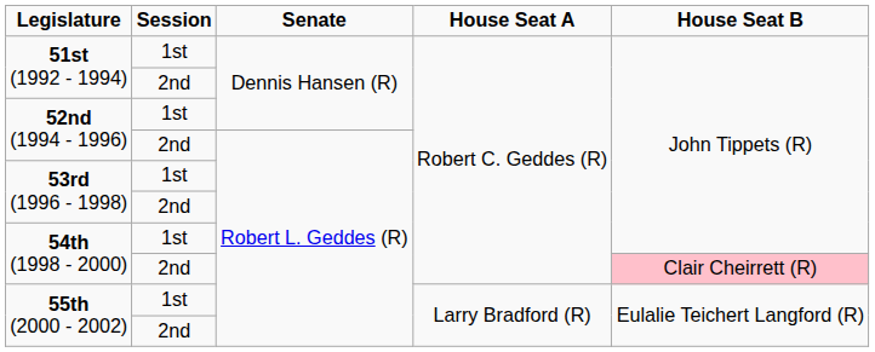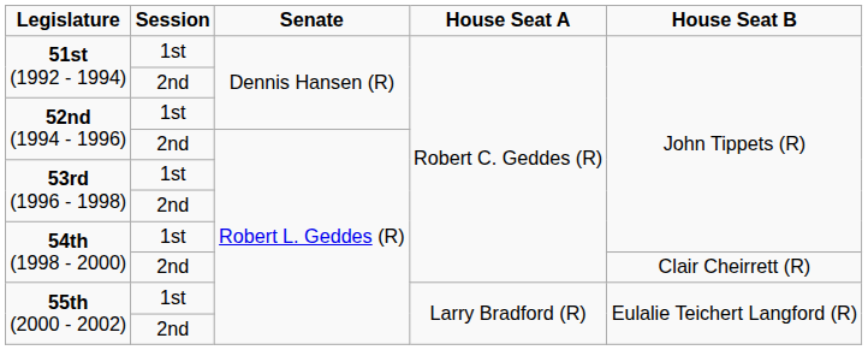 <table class=wikitable style="text-align:center">
 <tr>
 <td><strong>Legislature</strong></td>
 <td><strong>Session</strong></td>
 <td><strong>Senate</strong></td>
 <td><strong>House Seat A</strong></td>
 <td><strong>House Seat B</strong></td>
 </tr>
 <tr>
 <td rowspan="2" colspan="1" style="text-align: center;"><strong>51st</strong> <br> (1992 - 1994)</td>
 <td>1st</td>
 <td rowspan="3" colspan="1" style="text-align: center;" >Dennis Hansen (R)</td>
 <td rowspan="8" colspan="1" style="text-align: center;" >Robert C. Geddes (R)</td>
 <td rowspan="7" colspan="1" style="text-align: center;" >John Tippets (R)</td>
 </tr>
 <tr>
 <td>2nd</td>
 </tr>
 <tr>
 <td rowspan="2" colspan="1" style="text-align: center;"><strong>52nd</strong> <br> (1994 - 1996)</td>
 <td>1st</td>
 </tr>
 <tr>
 <td>2nd</td>
 <td rowspan="7" colspan="1" style="text-align: center;" ><a href='#'>Robert L. Geddes</a> (R)</td>
 </tr>
 <tr>
 <td rowspan="2" colspan="1" style="text-align: center;"><strong>53rd</strong> <br> (1996 - 1998)</td>
 <td>1st</td>
 </tr>
 <tr>
 <td>2nd</td>
 </tr>
 <tr>
 <td rowspan="2" colspan="1" style="text-align: center;"><strong>54th</strong> <br> (1998 - 2000)</td>
 <td>1st</td>
 </tr>
 <tr>
 <td>2nd</td>
-<td rowspan="1" colspan="1" style="background: pink; text-align: center;" >Clair Cheirrett (R)</td>
+<td rowspan="1" colspan="1" style="text-align: center;" >Clair Cheirrett (R)</td>
 </tr>
 <tr>
 <td rowspan="2" colspan="1" style="text-align: center;"><strong>55th</strong> <br> (2000 - 2002)</td>
 <td>1st</td>
 <td rowspan="2" colspan="1" style="text-align: center;" >Larry Bradford (R)</td>
 <td rowspan="2" colspan="1" style="text-align: center;" >Eulalie Teichert Langford (R)</td>
 </tr>
 <tr>
 <td>2nd</td>
 </tr>
 </table>
